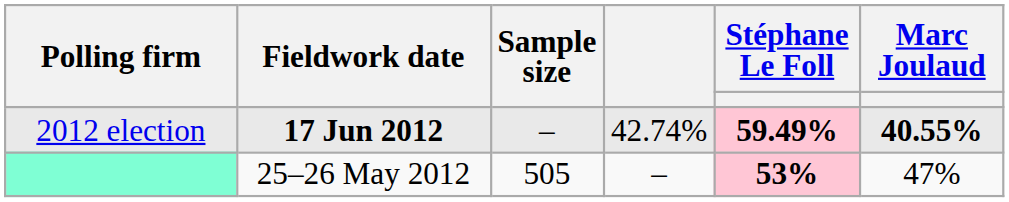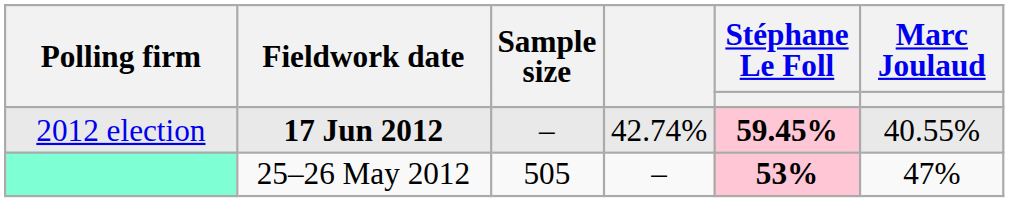 <table class="wikitable sortable" style="text-align:center;font-size:90%;line-height:14px;">
 <tr style="height:40px;">
 <th style="width:100px;" rowspan="2">Polling firm</th>
 <th style="width:110px;" rowspan="2">Fieldwork date</th>
 <th style="width:35px;" rowspan="2">Sample<br>size</th>
 <th style="width:30px;" rowspan="2"></th>
 <th class="unsortable" style="width:60px;"><a href='#'>Stéphane Le Foll</a><br></th>
 <th class="unsortable" style="width:60px;"><a href='#'>Marc Joulaud</a><br></th>
 </tr>
 <tr>
 <th style="background:"></th>
 <th style="background:"></th>
 </tr>
 <tr style="background:#E9E9E9;">
 <td><a href='#'>2012 election</a></td>
 <td data-sort-value="2012-06-17"><strong>17 Jun 2012</strong></td>
 <td>–</td>
 <td>42.74%</td>
-<td style="background:#FFC6D5;"><strong>59.49%</strong></td>
-<td><strong>40.55%</strong></td>
+<td style="background:#FFC6D5;"><strong>59.45%</strong></td>
+<td>40.55%</td>
 </tr>
 <tr>
 <td style="background:aquamarine;"></td>
 <td data-sort-value="2012-05-26">25–26 May 2012</td>
 <td>505</td>
 <td>–</td>
 <td style="background:#FFC6D5;"><strong>53%</strong></td>
 <td>47%</td>
 </tr>
 </table>
